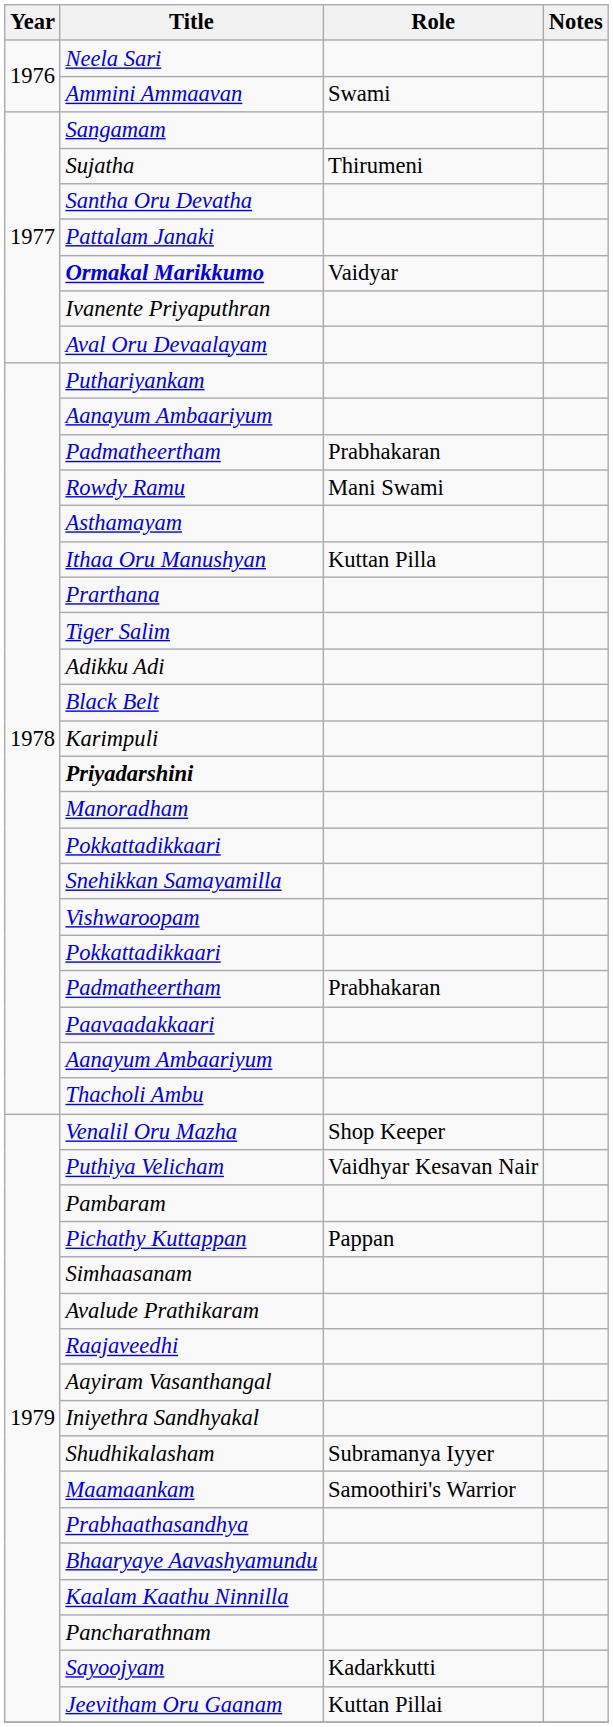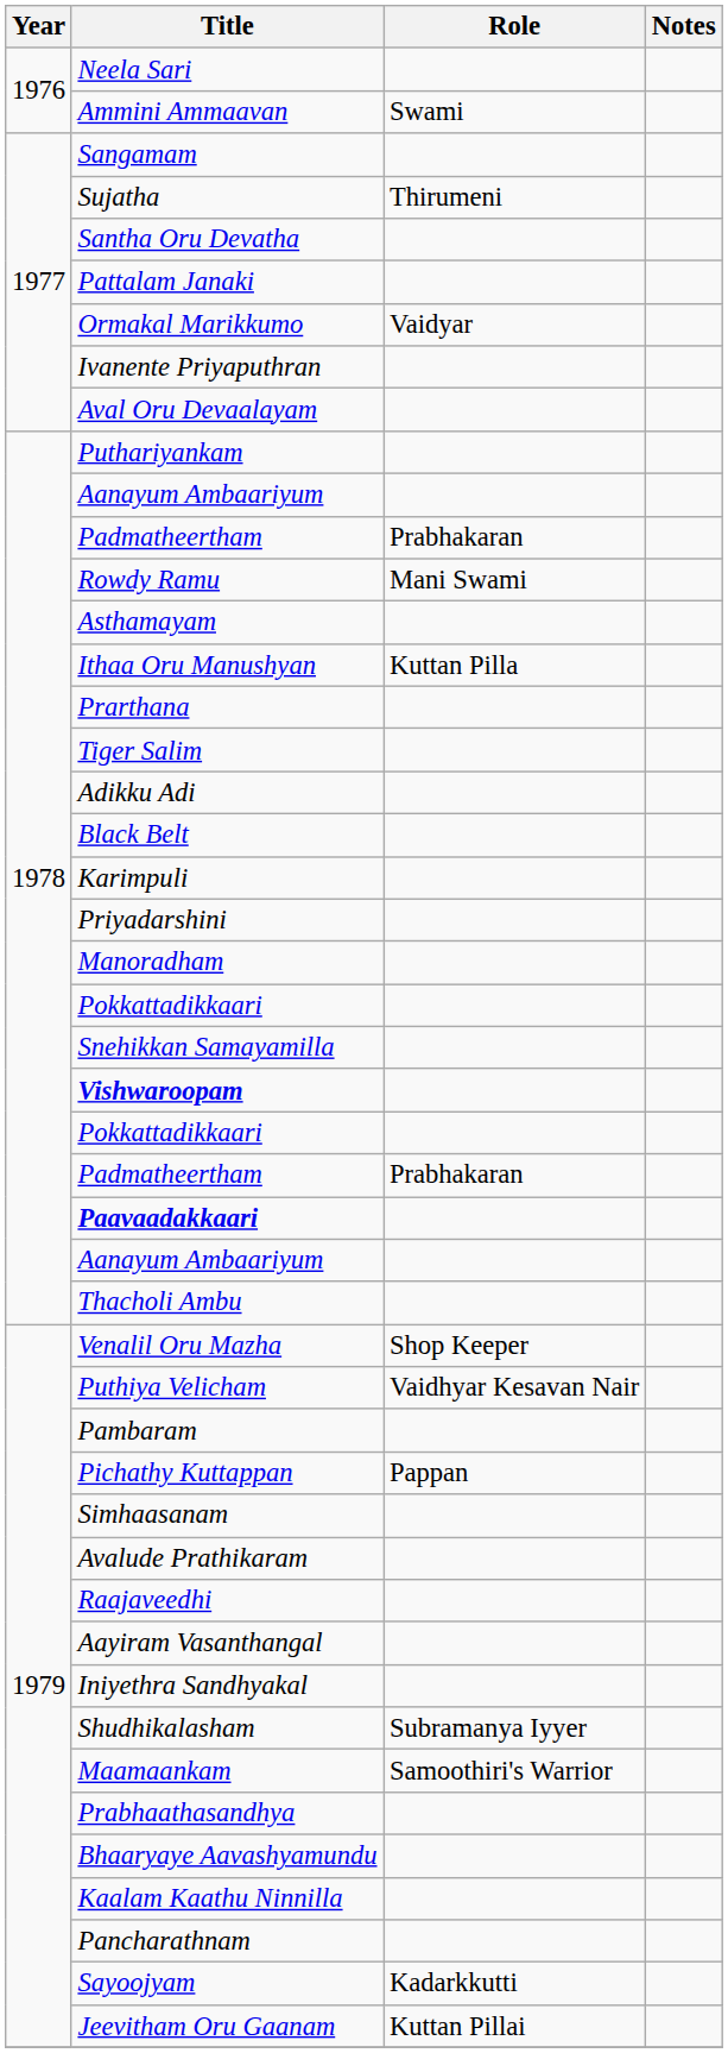 <table class="wikitable sortable">
 <tr>
 <th>Year</th>
 <th>Title</th>
 <th>Role</th>
 <th class="unsortable">Notes</th>
 </tr>
 <tr>
 <td rowspan=2>1976</td>
 <td><em><a href='#'>Neela Sari</a></em></td>
 <td></td>
 <td></td>
 </tr>
 <tr>
 <td><em><a href='#'>Ammini Ammaavan</a></em></td>
 <td>Swami</td>
 <td></td>
 </tr>
 <tr>
 <td rowspan=7>1977</td>
 <td><em><a href='#'>Sangamam</a></em></td>
 <td></td>
 <td></td>
 </tr>
 <tr>
 <td><em>Sujatha</em></td>
 <td>Thirumeni</td>
 <td></td>
 </tr>
 <tr>
 <td><em><a href='#'>Santha Oru Devatha</a></em></td>
 <td></td>
 <td></td>
 </tr>
 <tr>
 <td><em><a href='#'>Pattalam Janaki</a></em></td>
 <td></td>
 <td></td>
 </tr>
 <tr>
-<td><strong><em><a href='#'>Ormakal Marikkumo</a></em></strong></td>
+<td><em><a href='#'>Ormakal Marikkumo</a></em></td>
 <td>Vaidyar</td>
 <td></td>
 </tr>
 <tr>
 <td><em>Ivanente Priyaputhran</em></td>
 <td></td>
 <td></td>
 </tr>
 <tr>
 <td><em><a href='#'>Aval Oru Devaalayam</a></em></td>
 <td></td>
 <td></td>
 </tr>
 <tr>
 <td rowspan=21>1978</td>
 <td><em><a href='#'>Puthariyankam</a></em></td>
 <td></td>
 <td></td>
 </tr>
 <tr>
 <td><em><a href='#'>Aanayum Ambaariyum</a></em></td>
 <td></td>
 <td></td>
 </tr>
 <tr>
 <td><em><a href='#'>Padmatheertham</a></em></td>
 <td>Prabhakaran</td>
 <td></td>
 </tr>
 <tr>
 <td><em><a href='#'>Rowdy Ramu</a></em></td>
 <td>Mani Swami</td>
 <td></td>
 </tr>
 <tr>
 <td><em><a href='#'>Asthamayam</a></em></td>
 <td></td>
 <td></td>
 </tr>
 <tr>
 <td><em><a href='#'>Ithaa Oru Manushyan</a></em></td>
 <td>Kuttan Pilla</td>
 <td></td>
 </tr>
 <tr>
 <td><em><a href='#'>Prarthana</a></em></td>
 <td></td>
 <td></td>
 </tr>
 <tr>
 <td><em><a href='#'>Tiger Salim</a></em></td>
 <td></td>
 <td></td>
 </tr>
 <tr>
 <td><em>Adikku Adi</em></td>
 <td></td>
 <td></td>
 </tr>
 <tr>
 <td><em><a href='#'>Black Belt</a></em></td>
 <td></td>
 <td></td>
 </tr>
 <tr>
 <td><em>Karimpuli</em></td>
 <td></td>
 <td></td>
 </tr>
 <tr>
-<td><strong><em>Priyadarshini</em></strong></td>
+<td><em>Priyadarshini</em></td>
 <td></td>
 <td></td>
 </tr>
 <tr>
 <td><em><a href='#'>Manoradham</a></em></td>
 <td></td>
 <td></td>
 </tr>
 <tr>
 <td><em><a href='#'>Pokkattadikkaari</a></em></td>
 <td></td>
 <td></td>
 </tr>
 <tr>
 <td><em><a href='#'>Snehikkan Samayamilla</a></em></td>
 <td></td>
 <td></td>
 </tr>
 <tr>
-<td><em><a href='#'>Vishwaroopam</a></em></td>
+<td><strong><em><a href='#'>Vishwaroopam</a></em></strong></td>
 <td></td>
 <td></td>
 </tr>
 <tr>
 <td><em><a href='#'>Pokkattadikkaari</a></em></td>
 <td></td>
 <td></td>
 </tr>
 <tr>
 <td><em><a href='#'>Padmatheertham</a></em></td>
 <td>Prabhakaran</td>
 <td></td>
 </tr>
 <tr>
-<td><em><a href='#'>Paavaadakkaari</a></em></td>
+<td><strong><em><a href='#'>Paavaadakkaari</a></em></strong></td>
 <td></td>
 <td></td>
 </tr>
 <tr>
 <td><em><a href='#'>Aanayum Ambaariyum</a></em></td>
 <td></td>
 <td></td>
 </tr>
 <tr>
 <td><em><a href='#'>Thacholi Ambu</a></em></td>
 <td></td>
 <td></td>
 </tr>
 <tr>
 <td rowspan=17>1979</td>
 <td><em><a href='#'>Venalil Oru Mazha</a></em></td>
 <td>Shop Keeper</td>
 <td></td>
 </tr>
 <tr>
 <td><em><a href='#'>Puthiya Velicham</a></em></td>
 <td>Vaidhyar Kesavan Nair</td>
 <td></td>
 </tr>
 <tr>
 <td><em>Pambaram</em></td>
 <td></td>
 <td></td>
 </tr>
 <tr>
 <td><em><a href='#'>Pichathy Kuttappan</a></em></td>
 <td>Pappan</td>
 <td></td>
 </tr>
 <tr>
 <td><em>Simhaasanam</em></td>
 <td></td>
 <td></td>
 </tr>
 <tr>
 <td><em>Avalude Prathikaram</em></td>
 <td></td>
 <td></td>
 </tr>
 <tr>
 <td><em><a href='#'>Raajaveedhi</a></em></td>
 <td></td>
 <td></td>
 </tr>
 <tr>
 <td><em>Aayiram Vasanthangal</em></td>
 <td></td>
 <td></td>
 </tr>
 <tr>
 <td><em>Iniyethra Sandhyakal</em></td>
 <td></td>
 <td></td>
 </tr>
 <tr>
 <td><em>Shudhikalasham</em></td>
 <td>Subramanya Iyyer</td>
 <td></td>
 </tr>
 <tr>
 <td><em><a href='#'>Maamaankam</a></em></td>
 <td>Samoothiri's Warrior</td>
 <td></td>
 </tr>
 <tr>
 <td><em><a href='#'>Prabhaathasandhya</a></em></td>
 <td></td>
 <td></td>
 </tr>
 <tr>
 <td><em><a href='#'>Bhaaryaye Aavashyamundu</a></em></td>
 <td></td>
 <td></td>
 </tr>
 <tr>
 <td><em><a href='#'>Kaalam Kaathu Ninnilla</a></em></td>
 <td></td>
 <td></td>
 </tr>
 <tr>
 <td><em>Pancharathnam</em></td>
 <td></td>
 <td></td>
 </tr>
 <tr>
 <td><em><a href='#'>Sayoojyam</a></em></td>
 <td>Kadarkkutti</td>
 <td></td>
 </tr>
 <tr>
 <td><em><a href='#'>Jeevitham Oru Gaanam</a></em></td>
 <td>Kuttan Pillai</td>
 <td></td>
 </tr>
 <tr>
 </tr>
 </table>
